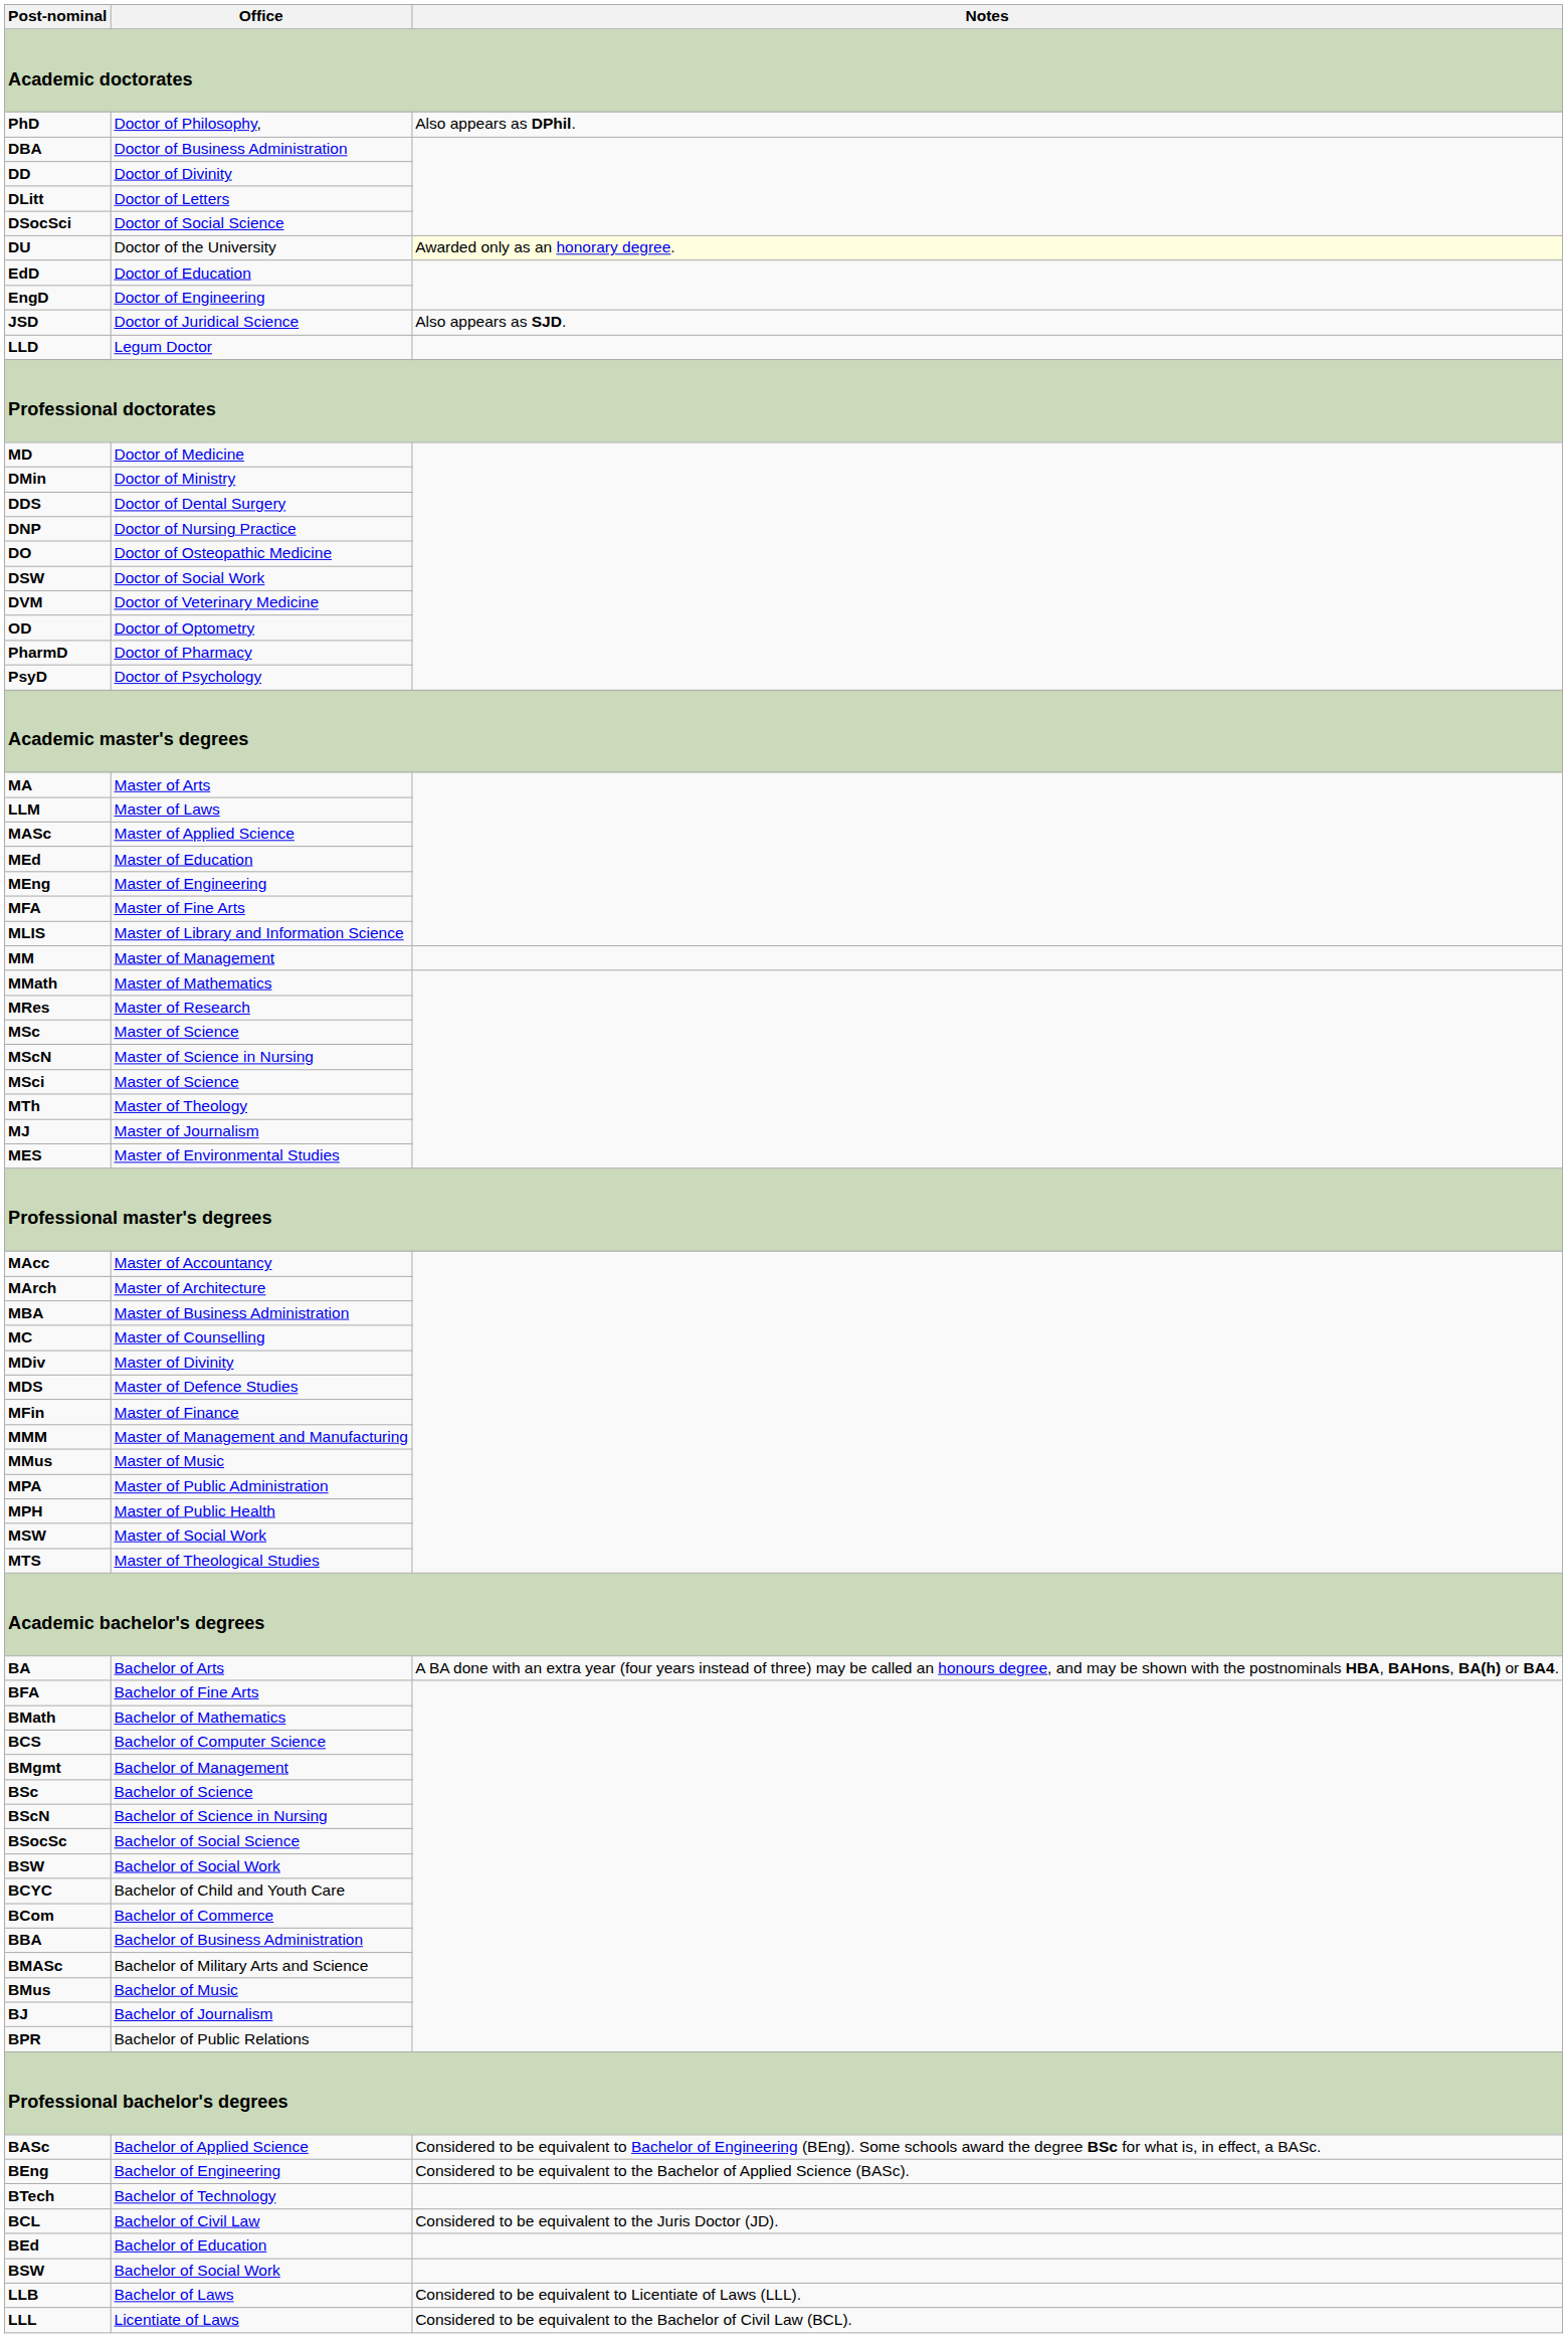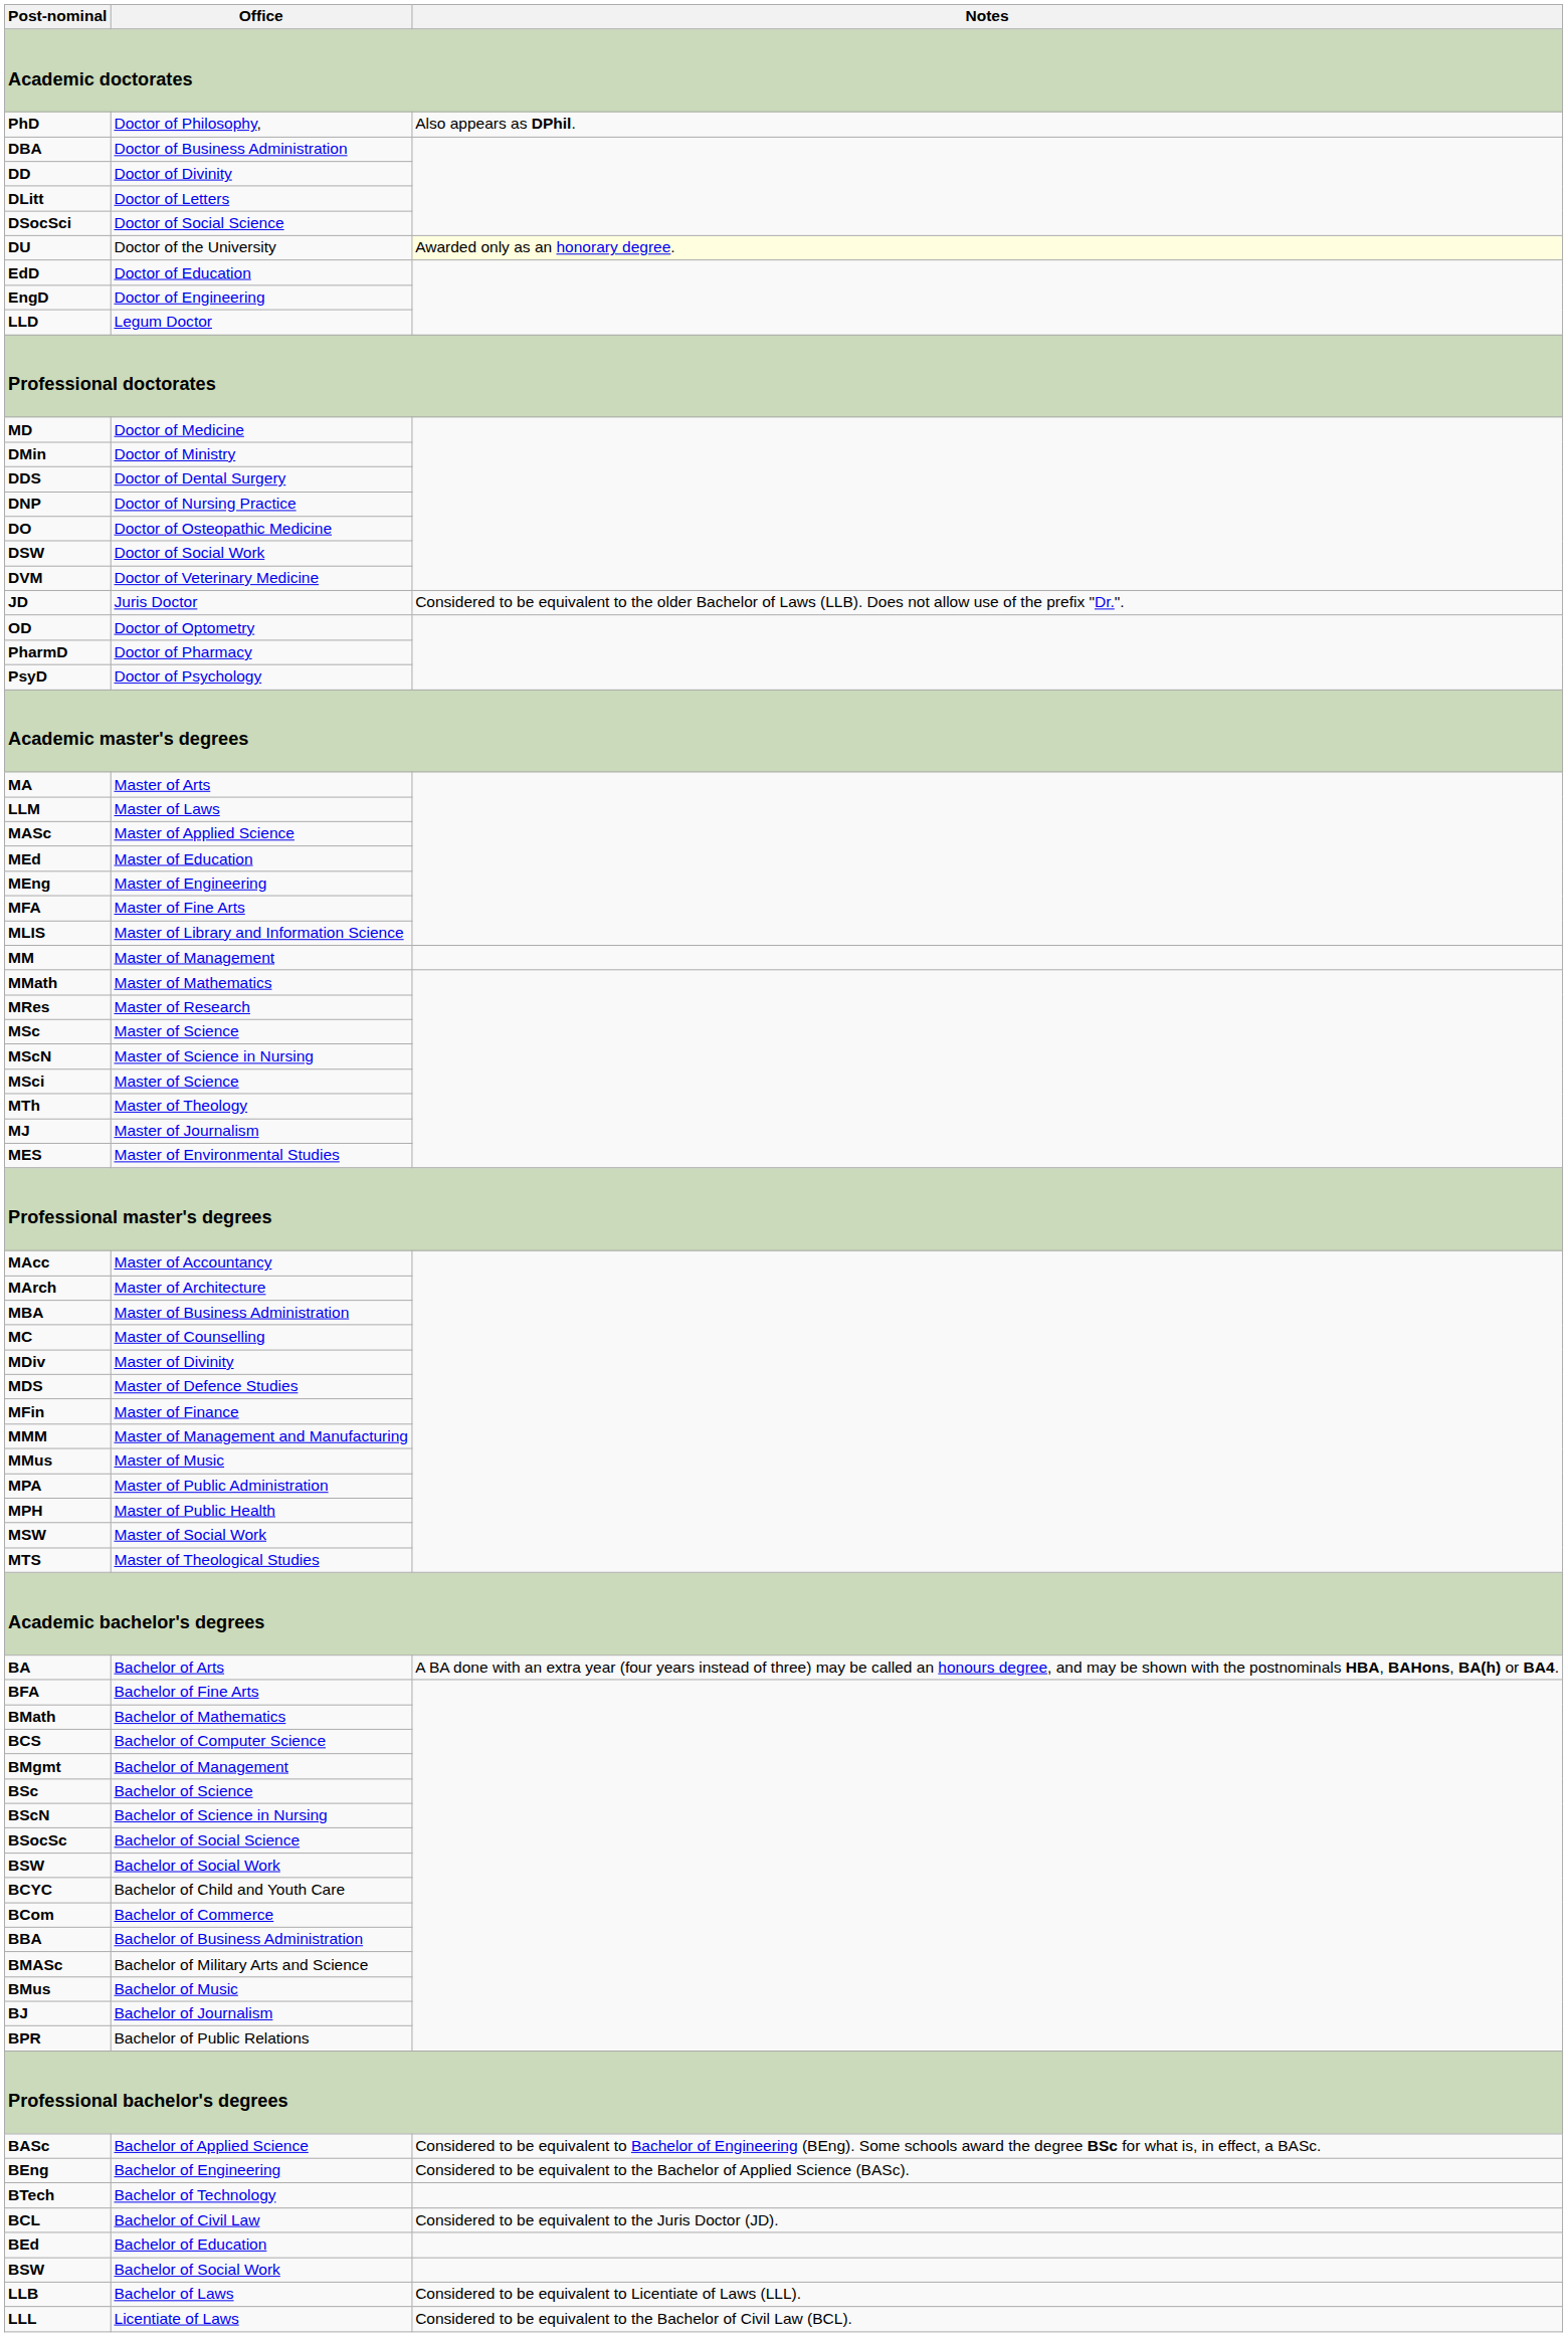 <table class="wikitable">
 <tr>
 <th>Post-nominal</th>
 <th>Office</th>
 <th>Notes</th>
 </tr>
 <tr>
 <td colspan="3" bgcolor="#CADABA"><br><h3>Academic doctorates</h3></td>
 </tr>
 <tr>
 <td><strong>PhD</strong></td>
 <td><a href='#'>Doctor of Philosophy</a>, </td>
 <td>Also appears as <strong>DPhil</strong>.</td>
 </tr>
 <tr>
 <td><strong>DBA</strong></td>
 <td><a href='#'>Doctor of Business Administration</a></td>
 </tr>
 <tr>
 <td><strong>DD</strong></td>
 <td><a href='#'>Doctor of Divinity</a></td>
 </tr>
 <tr>
 <td><strong>DLitt</strong></td>
 <td><a href='#'>Doctor of Letters</a></td>
 </tr>
 <tr>
 <td><strong>DSocSci</strong></td>
 <td><a href='#'>Doctor of Social Science</a></td>
 </tr>
 <tr>
 <td><strong>DU</strong></td>
 <td>Doctor of the University</td>
 <td style="background: lightyellow;">Awarded only as an <a href='#'>honorary degree</a>.</td>
 </tr>
 <tr>
 <td><strong>EdD</strong></td>
 <td><a href='#'>Doctor of Education</a></td>
 </tr>
 <tr>
 <td><strong>EngD</strong></td>
 <td><a href='#'>Doctor of Engineering</a></td>
 </tr>
 <tr>
-<td><strong>JSD</strong></td>
-<td><a href='#'>Doctor of Juridical Science</a></td>
-<td>Also appears as <strong>SJD</strong>.</td>
-</tr>
-<tr>
 <td><strong>LLD</strong></td>
 <td><a href='#'>Legum Doctor</a></td>
 </tr>
 <tr>
 <td colspan="3" bgcolor="#CADABA"><br><h3>Professional doctorates</h3></td>
 </tr>
 <tr>
 <td><strong>MD</strong></td>
 <td><a href='#'>Doctor of Medicine</a></td>
 </tr>
 <tr>
 <td><strong>DMin</strong></td>
 <td><a href='#'>Doctor of Ministry</a></td>
 </tr>
 <tr>
 <td><strong>DDS</strong></td>
 <td><a href='#'>Doctor of Dental Surgery</a></td>
 </tr>
 <tr>
 <td><strong>DNP</strong></td>
 <td><a href='#'>Doctor of Nursing Practice</a></td>
 </tr>
 <tr>
 <td><strong>DO</strong></td>
 <td><a href='#'>Doctor of Osteopathic Medicine</a></td>
 </tr>
 <tr>
 <td><strong>DSW</strong></td>
 <td><a href='#'>Doctor of Social Work</a></td>
 </tr>
 <tr>
 <td><strong>DVM</strong></td>
 <td><a href='#'>Doctor of Veterinary Medicine</a></td>
+</tr>
+<tr>
+<td><strong>JD</strong></td>
+<td><a href='#'>Juris Doctor</a></td>
+<td>Considered to be equivalent to the older Bachelor of Laws (LLB). Does not allow use of the prefix "<a href='#'>Dr.</a>".</td>
 </tr>
 <tr>
 <td><strong>OD</strong></td>
 <td><a href='#'>Doctor of Optometry</a></td>
 </tr>
 <tr>
 <td><strong>PharmD</strong></td>
 <td><a href='#'>Doctor of Pharmacy</a></td>
 </tr>
 <tr>
 <td><strong>PsyD</strong></td>
 <td><a href='#'>Doctor of Psychology</a></td>
 </tr>
 <tr>
 <td colspan="3" bgcolor="#CADABA"><br><h3>Academic master's degrees</h3></td>
 </tr>
 <tr>
 <td><strong>MA</strong></td>
 <td><a href='#'>Master of Arts</a></td>
 </tr>
 <tr>
 <td><strong>LLM</strong></td>
 <td><a href='#'>Master of Laws</a></td>
 </tr>
 <tr>
 <td><strong>MASc</strong></td>
 <td><a href='#'>Master of Applied Science</a></td>
 </tr>
 <tr>
 <td><strong>MEd</strong></td>
 <td><a href='#'>Master of Education</a></td>
 </tr>
 <tr>
 <td><strong>MEng</strong></td>
 <td><a href='#'>Master of Engineering</a></td>
 </tr>
 <tr>
 <td><strong>MFA</strong></td>
 <td><a href='#'>Master of Fine Arts</a></td>
 </tr>
 <tr>
 <td><strong>MLIS</strong></td>
 <td><a href='#'>Master of Library and Information Science</a></td>
 </tr>
 <tr>
 <td><strong>MM</strong></td>
 <td><a href='#'>Master of Management</a></td>
 <td></td>
 </tr>
 <tr>
 <td><strong>MMath</strong></td>
 <td><a href='#'>Master of Mathematics</a></td>
 </tr>
 <tr>
 <td><strong>MRes</strong></td>
 <td><a href='#'>Master of Research</a></td>
 </tr>
 <tr>
 <td><strong>MSc</strong></td>
 <td><a href='#'>Master of Science</a></td>
 </tr>
 <tr>
 <td><strong>MScN</strong></td>
 <td><a href='#'>Master of Science in Nursing</a></td>
 </tr>
 <tr>
 <td><strong>MSci</strong></td>
 <td><a href='#'>Master of Science</a></td>
 </tr>
 <tr>
 <td><strong>MTh</strong></td>
 <td><a href='#'>Master of Theology</a></td>
 </tr>
 <tr>
 <td><strong>MJ</strong></td>
 <td><a href='#'>Master of Journalism</a></td>
 </tr>
 <tr>
 <td><strong>MES</strong></td>
 <td><a href='#'>Master of Environmental Studies</a></td>
 </tr>
 <tr>
 <td colspan="3" bgcolor="#CADABA"><br><h3>Professional master's degrees</h3></td>
 </tr>
 <tr>
 <td><strong>MAcc</strong></td>
 <td><a href='#'>Master of Accountancy</a></td>
 </tr>
 <tr>
 <td><strong>MArch</strong></td>
 <td><a href='#'>Master of Architecture</a></td>
 </tr>
 <tr>
 <td><strong>MBA</strong></td>
 <td><a href='#'>Master of Business Administration</a></td>
 </tr>
 <tr>
 <td><strong>MC</strong></td>
 <td><a href='#'>Master of Counselling</a></td>
 </tr>
 <tr>
 <td><strong>MDiv</strong></td>
 <td><a href='#'>Master of Divinity</a></td>
 </tr>
 <tr>
 <td><strong>MDS</strong></td>
 <td><a href='#'>Master of Defence Studies</a></td>
 </tr>
 <tr>
 <td><strong>MFin</strong></td>
 <td><a href='#'>Master of Finance</a></td>
 </tr>
 <tr>
 <td><strong>MMM</strong></td>
 <td><a href='#'>Master of Management and Manufacturing</a></td>
 </tr>
 <tr>
 <td><strong>MMus</strong></td>
 <td><a href='#'>Master of Music</a></td>
 </tr>
 <tr>
 <td><strong>MPA</strong></td>
 <td><a href='#'>Master of Public Administration</a></td>
 </tr>
 <tr>
 <td><strong>MPH</strong></td>
 <td><a href='#'>Master of Public Health</a></td>
 </tr>
 <tr>
 <td><strong>MSW</strong></td>
 <td><a href='#'>Master of Social Work</a></td>
 </tr>
 <tr>
 <td><strong>MTS</strong></td>
 <td><a href='#'>Master of Theological Studies</a></td>
 </tr>
 <tr>
 <td colspan="3" bgcolor="#CADABA"><br><h3>Academic bachelor's degrees</h3></td>
 </tr>
 <tr>
 <td><strong>BA</strong></td>
 <td><a href='#'>Bachelor of Arts</a></td>
 <td>A BA done with an extra year (four years instead of three) may be called an <a href='#'>honours degree</a>, and may be shown with the postnominals <strong>HBA</strong>, <strong>BAHons</strong>, <strong>BA(h)</strong> or <strong>BA4</strong>.</td>
 </tr>
 <tr>
 <td><strong>BFA</strong></td>
 <td><a href='#'>Bachelor of Fine Arts</a></td>
 <td rowspan="15"></td>
 </tr>
 <tr>
 <td><strong>BMath</strong></td>
 <td><a href='#'>Bachelor of Mathematics</a></td>
 </tr>
 <tr>
 <td><strong>BCS</strong></td>
 <td><a href='#'>Bachelor of Computer Science</a></td>
 </tr>
 <tr>
 <td><strong>BMgmt</strong></td>
 <td><a href='#'>Bachelor of Management</a></td>
 </tr>
 <tr>
 <td><strong>BSc</strong></td>
 <td><a href='#'>Bachelor of Science</a></td>
 </tr>
 <tr>
 <td><strong>BScN</strong></td>
 <td><a href='#'>Bachelor of Science in Nursing</a></td>
 </tr>
 <tr>
 <td><strong>BSocSc</strong></td>
 <td><a href='#'>Bachelor of Social Science</a></td>
 </tr>
 <tr>
 <td><strong>BSW</strong></td>
 <td><a href='#'>Bachelor of Social Work</a></td>
 </tr>
 <tr>
 <td><strong>BCYC</strong></td>
 <td>Bachelor of Child and Youth Care</td>
 </tr>
 <tr>
 <td><strong>BCom</strong></td>
 <td><a href='#'>Bachelor of Commerce</a></td>
 </tr>
 <tr>
 <td><strong>BBA</strong></td>
 <td><a href='#'>Bachelor of Business Administration</a></td>
 </tr>
 <tr>
 <td><strong>BMASc</strong></td>
 <td>Bachelor of Military Arts and Science</td>
 </tr>
 <tr>
 <td><strong>BMus</strong></td>
 <td><a href='#'>Bachelor of Music</a></td>
 </tr>
 <tr>
 <td><strong>BJ</strong></td>
 <td><a href='#'>Bachelor of Journalism</a></td>
 </tr>
 <tr>
 <td><strong>BPR</strong></td>
 <td>Bachelor of Public Relations</td>
 </tr>
 <tr>
 <td colspan="3" bgcolor="#CADABA"><br><h3>Professional bachelor's degrees</h3></td>
 </tr>
 <tr>
 <td><strong>BASc</strong></td>
 <td><a href='#'>Bachelor of Applied Science</a></td>
 <td>Considered to be equivalent to <a href='#'>Bachelor of Engineering</a> (BEng). Some schools award the degree <strong>BSc</strong> for what is, in effect, a BASc.</td>
 </tr>
 <tr>
 <td><strong>BEng</strong></td>
 <td><a href='#'>Bachelor of Engineering</a></td>
 <td>Considered to be equivalent to the Bachelor of Applied Science (BASc).</td>
 </tr>
 <tr>
 <td><strong>BTech</strong></td>
 <td><a href='#'>Bachelor of Technology</a></td>
 <td></td>
 </tr>
 <tr>
 <td><strong>BCL</strong></td>
 <td><a href='#'>Bachelor of Civil Law</a></td>
 <td>Considered to be equivalent to the Juris Doctor (JD).</td>
 </tr>
 <tr>
 <td><strong>BEd</strong></td>
 <td><a href='#'>Bachelor of Education</a></td>
 <td></td>
 </tr>
 <tr>
 <td><strong>BSW</strong></td>
 <td><a href='#'>Bachelor of Social Work</a></td>
 </tr>
 <tr>
 <td><strong>LLB</strong></td>
 <td><a href='#'>Bachelor of Laws</a></td>
 <td>Considered to be equivalent to Licentiate of Laws (LLL).</td>
 </tr>
 <tr>
 <td><strong>LLL</strong></td>
 <td><a href='#'>Licentiate of Laws</a></td>
 <td>Considered to be equivalent to the Bachelor of Civil Law (BCL).</td>
 </tr>
 </table>
